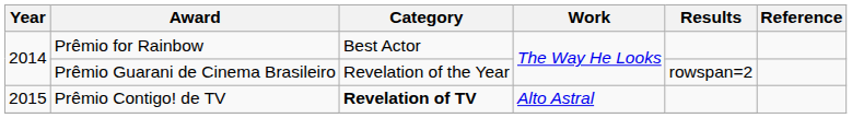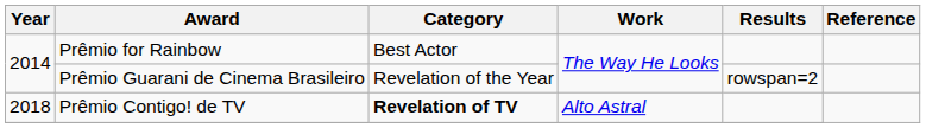 <table class="wikitable">
 <tr>
 <th>Year</th>
 <th>Award</th>
 <th>Category</th>
 <th>Work</th>
 <th>Results</th>
 <th>Reference</th>
 </tr>
 <tr>
 <td rowspan=2>2014</td>
 <td>Prêmio for Rainbow</td>
 <td>Best Actor</td>
 <td rowspan=2><em><a href='#'>The Way He Looks</a></em></td>
 <td></td>
 <td></td>
 </tr>
 <tr>
 <td>Prêmio Guarani de Cinema Brasileiro</td>
 <td>Revelation of the Year</td>
 <td>rowspan=2 </td>
 <td></td>
 </tr>
 <tr>
-<td>2015</td>
+<td>2018</td>
 <td>Prêmio Contigo! de TV</td>
 <td><strong>Revelation of TV</strong></td>
 <td><em><a href='#'>Alto Astral</a></em></td>
 <td></td>
 </tr>
 <tr>
 </tr>
 </table>
